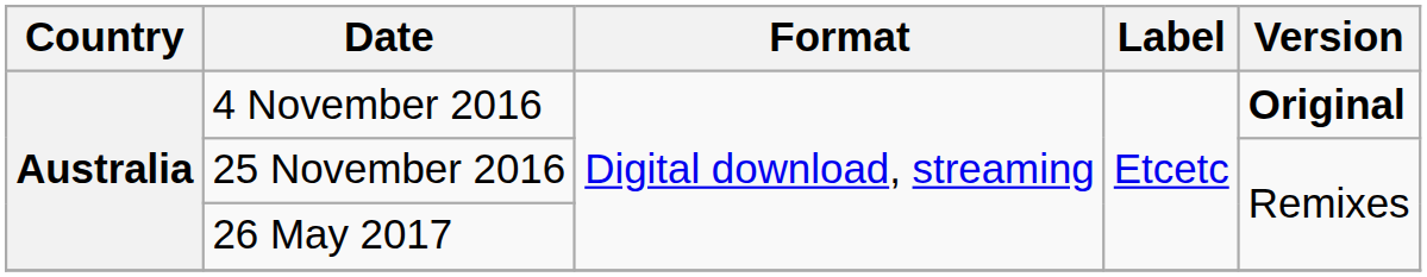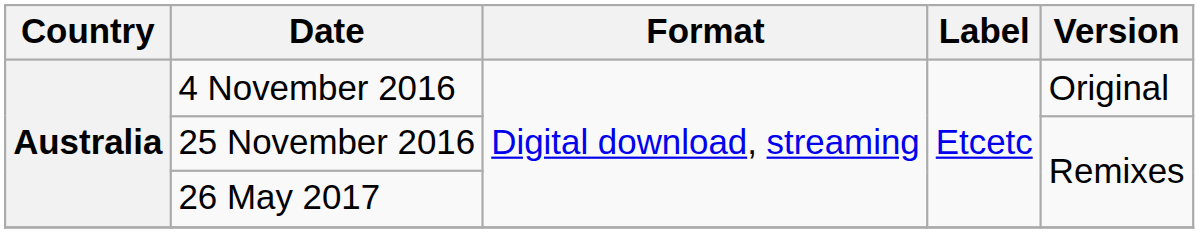 <table class="wikitable plainrowheaders">
 <tr>
 <th scope="col">Country</th>
 <th scope="col">Date</th>
 <th scope="col">Format</th>
 <th scope="col">Label</th>
 <th scope="col">Version</th>
 </tr>
 <tr>
 <th scope="row" rowspan="3">Australia</th>
 <td>4 November 2016</td>
 <td rowspan="3"><a href='#'>Digital download</a>, <a href='#'>streaming</a></td>
 <td rowspan="3"><a href='#'>Etcetc</a></td>
-<td><strong>Original</strong></td>
+<td>Original</td>
 </tr>
 <tr>
 <td>25 November 2016 </td>
 <td rowspan="2">Remixes</td>
 </tr>
 <tr>
 <td>26 May 2017 </td>
 </tr>
 <tr>
 </tr>
 </table>
